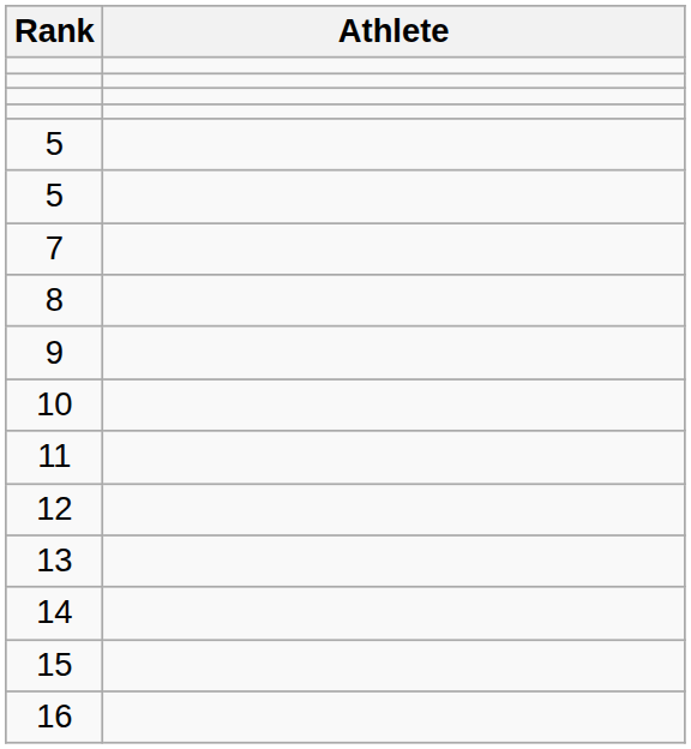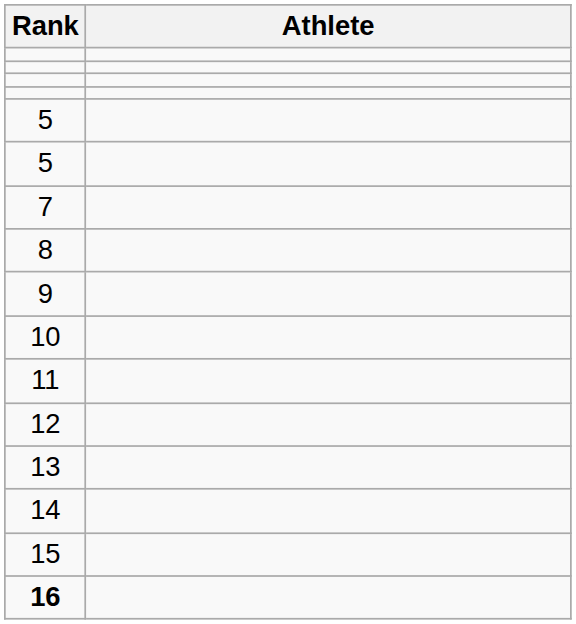 <table class="wikitable" style="text-align: center;">
 <tr>
 <th width=40>Rank</th>
 <th width=276>Athlete</th>
 </tr>
 <tr>
 <td></td>
 <td align="left"></td>
 </tr>
 <tr>
 <td></td>
 <td align="left"></td>
 </tr>
 <tr>
 <td></td>
 <td align="left"></td>
 </tr>
 <tr>
 <td></td>
 <td align="left"></td>
 </tr>
 <tr>
 <td>5</td>
 <td align="left"></td>
 </tr>
 <tr>
 <td>5</td>
 <td align="left"></td>
 </tr>
 <tr>
 <td>7</td>
 <td align="left"></td>
 </tr>
 <tr>
 <td>8</td>
 <td align="left"></td>
 </tr>
 <tr>
 <td>9</td>
 <td align="left"></td>
 </tr>
 <tr>
 <td>10</td>
 <td align="left"></td>
 </tr>
 <tr>
 <td>11</td>
 <td align="left"></td>
 </tr>
 <tr>
 <td>12</td>
 <td align="left"></td>
 </tr>
 <tr>
 <td>13</td>
 <td align="left"></td>
 </tr>
 <tr>
 <td>14</td>
 <td align="left"></td>
 </tr>
 <tr>
 <td>15</td>
 <td align="left"></td>
 </tr>
 <tr>
-<td>16</td>
+<td><strong>16</strong></td>
 <td align="left"></td>
 </tr>
 </table>
